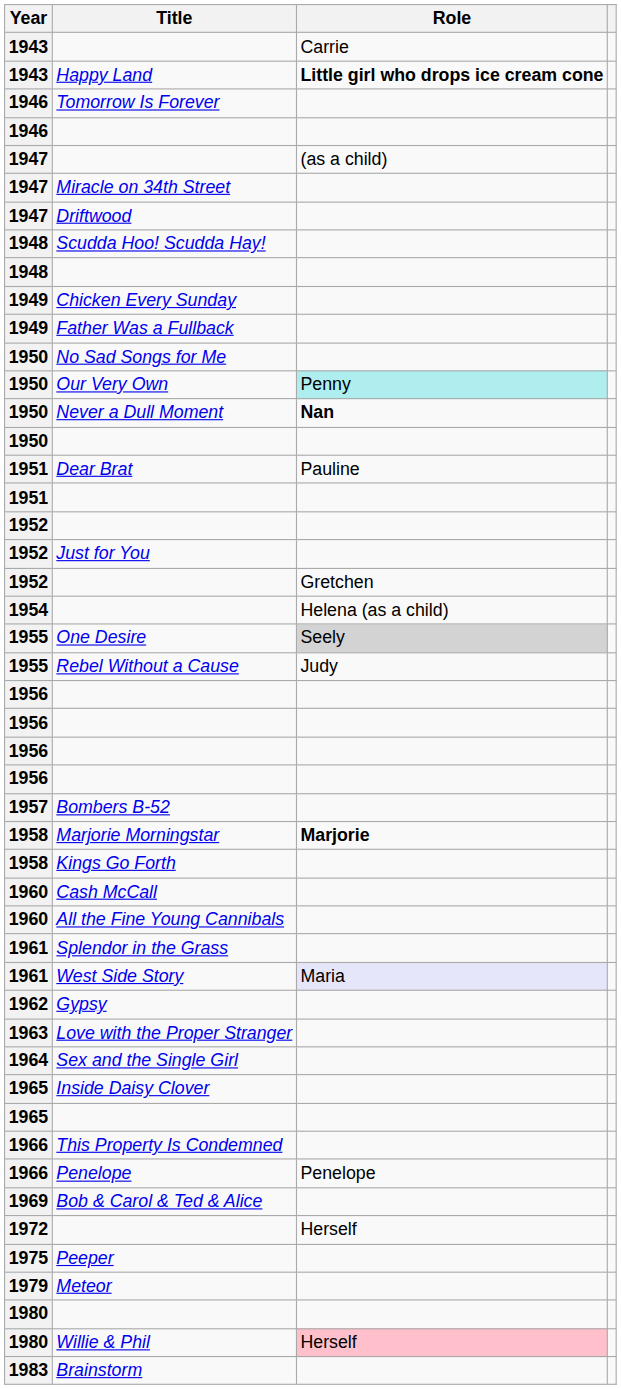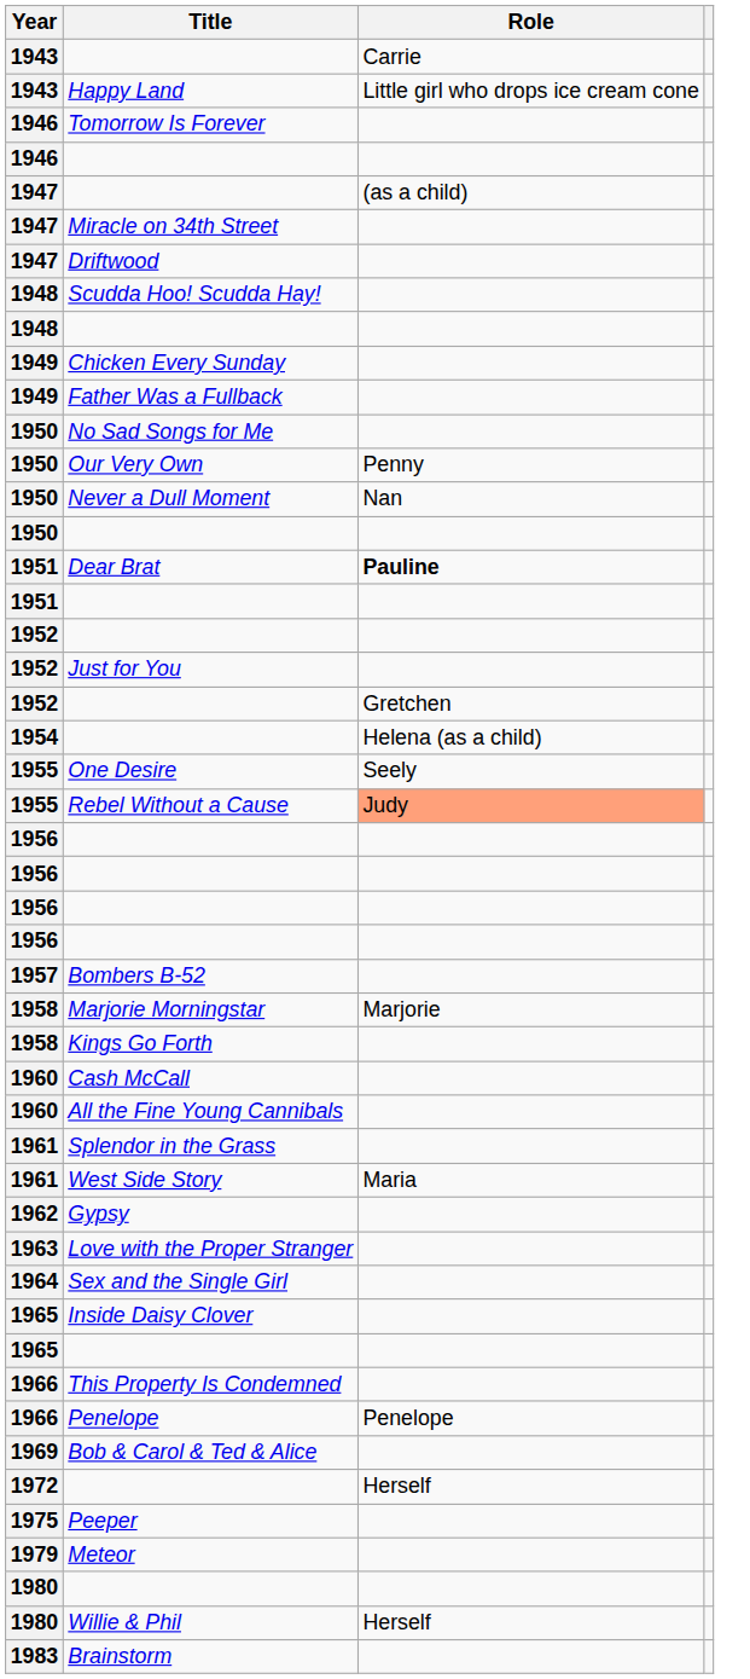 <table class="wikitable plainrowheaders sortable">
 <tr>
 <th scope="col">Year</th>
 <th scope="col">Title</th>
 <th scope="col">Role</th>
 <th scope="col" class="unsortable"></th>
 </tr>
 <tr>
 <th scope=row>1943</th>
 <td><em></em></td>
 <td>Carrie</td>
 <td style="text-align:center;"></td>
 </tr>
 <tr>
 <th scope=row>1943</th>
 <td><em><a href='#'>Happy Land</a></em></td>
-<td><strong>Little girl who drops ice cream cone</strong></td>
+<td>Little girl who drops ice cream cone</td>
 <td style="text-align:center;"></td>
 </tr>
 <tr>
 <th scope=row>1946</th>
 <td><em><a href='#'>Tomorrow Is Forever</a></em></td>
 <td></td>
 <td style="text-align:center;"></td>
 </tr>
 <tr>
 <th scope=row>1946</th>
 <td><em></em></td>
 <td></td>
 <td style="text-align:center;"></td>
 </tr>
 <tr>
 <th scope=row>1947</th>
 <td><em></em></td>
 <td> (as a child)</td>
 <td style="text-align:center;"></td>
 </tr>
 <tr>
 <th scope=row>1947</th>
 <td><em><a href='#'>Miracle on 34th Street</a></em></td>
 <td></td>
 <td style="text-align:center;"></td>
 </tr>
 <tr>
 <th scope=row>1947</th>
 <td><em><a href='#'>Driftwood</a></em></td>
 <td></td>
 <td style="text-align:center;"></td>
 </tr>
 <tr>
 <th scope=row>1948</th>
 <td><em><a href='#'>Scudda Hoo! Scudda Hay!</a></em></td>
 <td></td>
 <td style="text-align:center;"></td>
 </tr>
 <tr>
 <th scope=row>1948</th>
 <td><em></em></td>
 <td></td>
 <td style="text-align:center;"></td>
 </tr>
 <tr>
 <th scope=row>1949</th>
 <td><em><a href='#'>Chicken Every Sunday</a></em></td>
 <td></td>
 <td style="text-align:center;"></td>
 </tr>
 <tr>
 <th scope=row>1949</th>
 <td><em><a href='#'>Father Was a Fullback</a></em></td>
 <td></td>
 <td style="text-align:center;"></td>
 </tr>
 <tr>
 <th scope=row>1950</th>
 <td><em><a href='#'>No Sad Songs for Me</a></em></td>
 <td></td>
 <td style="text-align:center;"></td>
 </tr>
 <tr>
 <th scope=row>1950</th>
 <td><em><a href='#'>Our Very Own</a></em></td>
-<td style="background: paleturquoise;">Penny</td>
+<td>Penny</td>
 <td style="text-align:center;"></td>
 </tr>
 <tr>
 <th scope=row>1950</th>
 <td><em><a href='#'>Never a Dull Moment</a></em></td>
-<td><strong>Nan</strong></td>
+<td>Nan</td>
 <td style="text-align:center;"></td>
 </tr>
 <tr>
 <th scope=row>1950</th>
 <td><em></em></td>
 <td></td>
 <td style="text-align:center;"></td>
 </tr>
 <tr>
 <th scope=row>1951</th>
 <td><em><a href='#'>Dear Brat</a></em></td>
-<td>Pauline</td>
+<td><strong>Pauline</strong></td>
 <td style="text-align:center;"></td>
 </tr>
 <tr>
 <th scope=row>1951</th>
 <td><em></em></td>
 <td></td>
 <td style="text-align:center;"></td>
 </tr>
 <tr>
 <th scope=row>1952</th>
 <td><em></em></td>
 <td></td>
 <td style="text-align:center;"></td>
 </tr>
 <tr>
 <th scope=row>1952</th>
 <td><em><a href='#'>Just for You</a></em></td>
 <td></td>
 <td style="text-align:center;"></td>
 </tr>
 <tr>
 <th scope=row>1952</th>
 <td><em></em></td>
 <td>Gretchen</td>
 <td style="text-align:center;"></td>
 </tr>
 <tr>
 <th scope=row>1954</th>
 <td><em></em></td>
 <td>Helena (as a child)</td>
 <td style="text-align:center;"></td>
 </tr>
 <tr>
 <th scope=row>1955</th>
 <td><em><a href='#'>One Desire</a></em></td>
-<td style="background: lightgrey;">Seely</td>
+<td>Seely</td>
 <td style="text-align:center;"></td>
 </tr>
 <tr>
 <th scope=row>1955</th>
 <td><em><a href='#'>Rebel Without a Cause</a></em></td>
-<td>Judy</td>
+<td style="background: lightsalmon;">Judy</td>
 <td style="text-align:center;"></td>
 </tr>
 <tr>
 <th scope=row>1956</th>
 <td><em></em></td>
 <td></td>
 <td style="text-align:center;"></td>
 </tr>
 <tr>
 <th scope=row>1956</th>
 <td><em></em></td>
 <td></td>
 <td style="text-align:center;"></td>
 </tr>
 <tr>
 <th scope=row>1956</th>
 <td><em></em></td>
 <td></td>
 <td style="text-align:center;"></td>
 </tr>
 <tr>
 <th scope=row>1956</th>
 <td><em></em></td>
 <td></td>
 <td style="text-align:center;"></td>
 </tr>
 <tr>
 <th scope=row>1957</th>
 <td><em><a href='#'>Bombers B-52</a></em></td>
 <td></td>
 <td style="text-align:center;"></td>
 </tr>
 <tr>
 <th scope=row>1958</th>
 <td><em><a href='#'>Marjorie Morningstar</a></em></td>
-<td><strong>Marjorie</strong></td>
+<td>Marjorie</td>
 <td style="text-align:center;"></td>
 </tr>
 <tr>
 <th scope=row>1958</th>
 <td><em><a href='#'>Kings Go Forth</a></em></td>
 <td></td>
 <td style="text-align:center;"></td>
 </tr>
 <tr>
 <th scope=row>1960</th>
 <td><em><a href='#'>Cash McCall</a></em></td>
 <td></td>
 <td style="text-align:center;"></td>
 </tr>
 <tr>
 <th scope=row>1960</th>
 <td><em><a href='#'>All the Fine Young Cannibals</a></em></td>
 <td></td>
 <td style="text-align:center;"></td>
 </tr>
 <tr>
 <th scope=row>1961</th>
 <td><em><a href='#'>Splendor in the Grass</a></em></td>
 <td></td>
 <td style="text-align:center;"></td>
 </tr>
 <tr>
 <th scope=row>1961</th>
 <td><em><a href='#'>West Side Story</a></em></td>
-<td style="background: lavender;">Maria</td>
+<td>Maria</td>
 <td style="text-align:center;"></td>
 </tr>
 <tr>
 <th scope=row>1962</th>
 <td><em><a href='#'>Gypsy</a></em></td>
 <td></td>
 <td style="text-align:center;"></td>
 </tr>
 <tr>
 <th scope=row>1963</th>
 <td><em><a href='#'>Love with the Proper Stranger</a></em></td>
 <td></td>
 <td style="text-align:center;"></td>
 </tr>
 <tr>
 <th scope=row>1964</th>
 <td><em><a href='#'>Sex and the Single Girl</a></em></td>
 <td></td>
 <td style="text-align:center;"></td>
 </tr>
 <tr>
 <th scope=row>1965</th>
 <td><em><a href='#'>Inside Daisy Clover</a></em></td>
 <td></td>
 <td style="text-align:center;"></td>
 </tr>
 <tr>
 <th scope=row>1965</th>
 <td><em></em></td>
 <td></td>
 <td style="text-align:center;"></td>
 </tr>
 <tr>
 <th scope=row>1966</th>
 <td><em><a href='#'>This Property Is Condemned</a></em></td>
 <td></td>
 <td style="text-align:center;"></td>
 </tr>
 <tr>
 <th scope=row>1966</th>
 <td><em><a href='#'>Penelope</a></em></td>
 <td>Penelope</td>
 <td style="text-align:center;"></td>
 </tr>
 <tr>
 <th scope=row>1969</th>
 <td><em><a href='#'>Bob & Carol & Ted & Alice</a></em></td>
 <td></td>
 <td style="text-align:center;"></td>
 </tr>
 <tr>
 <th scope=row>1972</th>
 <td><em></em></td>
 <td>Herself</td>
 <td style="text-align:center;"></td>
 </tr>
 <tr>
 <th scope=row>1975</th>
 <td><em><a href='#'>Peeper</a></em></td>
 <td></td>
 <td style="text-align:center;"></td>
 </tr>
 <tr>
 <th scope=row>1979</th>
 <td><em><a href='#'>Meteor</a></em></td>
 <td></td>
 <td style="text-align:center;"></td>
 </tr>
 <tr>
 <th scope=row>1980</th>
 <td><em></em></td>
 <td></td>
 <td style="text-align:center;"></td>
 </tr>
 <tr>
 <th scope=row>1980</th>
 <td><em><a href='#'>Willie & Phil</a></em></td>
-<td style="background: pink;">Herself</td>
+<td>Herself</td>
 <td style="text-align:center;"></td>
 </tr>
 <tr>
 <th scope=row>1983</th>
 <td><em><a href='#'>Brainstorm</a></em></td>
 <td></td>
 <td style="text-align:center;"></td>
 </tr>
 </table>
